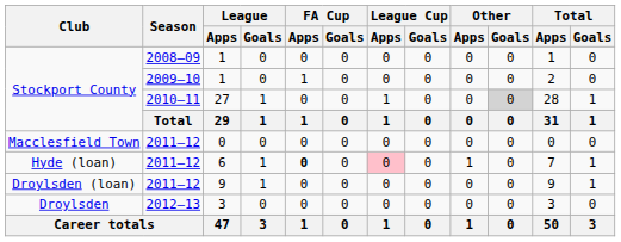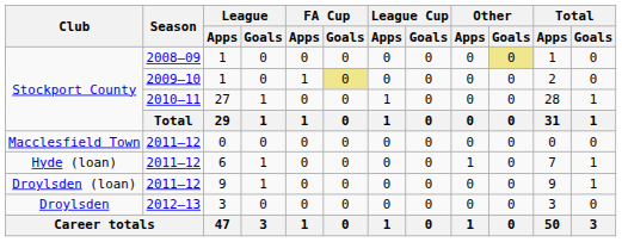 <table class="wikitable" style="text-align: center;">
 <tr>
 <th rowspan="2">Club</th>
 <th rowspan="2">Season</th>
 <th colspan="2">League</th>
 <th colspan="2">FA Cup</th>
 <th colspan="2">League Cup</th>
 <th colspan="2">Other</th>
 <th colspan="2">Total</th>
 </tr>
 <tr>
 <th>Apps</th>
 <th>Goals</th>
 <th>Apps</th>
 <th>Goals</th>
 <th>Apps</th>
 <th>Goals</th>
 <th>Apps</th>
 <th>Goals</th>
 <th>Apps</th>
 <th>Goals</th>
 </tr>
 <tr>
 <td rowspan="4" valign="center"><a href='#'>Stockport County</a></td>
 <td><a href='#'>2008–09</a></td>
 <td>1</td>
 <td>0</td>
 <td>0</td>
 <td>0</td>
 <td>0</td>
 <td>0</td>
 <td>0</td>
-<td>0</td>
+<td style="background: khaki;">0</td>
 <td>1</td>
 <td>0</td>
 </tr>
 <tr>
 <td><a href='#'>2009–10</a></td>
 <td>1</td>
 <td>0</td>
 <td>1</td>
-<td>0</td>
+<td style="background: khaki;">0</td>
 <td>0</td>
 <td>0</td>
 <td>0</td>
 <td>0</td>
 <td>2</td>
 <td>0</td>
 </tr>
 <tr>
 <td><a href='#'>2010–11</a></td>
 <td>27</td>
 <td>1</td>
 <td>0</td>
 <td>0</td>
 <td>1</td>
 <td>0</td>
 <td>0</td>
-<td style="background: lightgrey;">0</td>
+<td>0</td>
 <td>28</td>
 <td>1</td>
 </tr>
 <tr>
 <th>Total</th>
 <th>29</th>
 <th>1</th>
 <th>1</th>
 <th>0</th>
 <th>1</th>
 <th>0</th>
 <th>0</th>
 <th>0</th>
 <th>31</th>
 <th>1</th>
 </tr>
 <tr>
 <td><a href='#'>Macclesfield Town</a></td>
 <td><a href='#'>2011–12</a></td>
 <td>0</td>
 <td>0</td>
 <td>0</td>
 <td>0</td>
 <td>0</td>
 <td>0</td>
 <td>0</td>
 <td>0</td>
 <td>0</td>
 <td>0</td>
 </tr>
 <tr>
 <td><a href='#'>Hyde</a> (loan)</td>
 <td><a href='#'>2011–12</a></td>
 <td>6</td>
 <td>1</td>
-<td><strong>0</strong></td>
 <td>0</td>
-<td style="background: pink;">0</td>
+<td>0</td>
+<td>0</td>
 <td>0</td>
 <td>1</td>
 <td>0</td>
 <td>7</td>
 <td>1</td>
 </tr>
 <tr>
 <td><a href='#'>Droylsden</a> (loan)</td>
 <td><a href='#'>2011–12</a></td>
 <td>9</td>
 <td>1</td>
 <td>0</td>
 <td>0</td>
 <td>0</td>
 <td>0</td>
 <td>0</td>
 <td>0</td>
 <td>9</td>
 <td>1</td>
 </tr>
 <tr>
 <td><a href='#'>Droylsden</a></td>
 <td><a href='#'>2012–13</a></td>
 <td>3</td>
 <td>0</td>
 <td>0</td>
 <td>0</td>
 <td>0</td>
 <td>0</td>
 <td>0</td>
 <td>0</td>
 <td>3</td>
 <td>0</td>
 </tr>
 <tr>
 <th colspan="2">Career totals</th>
 <th>47</th>
 <th>3</th>
 <th>1</th>
 <th>0</th>
 <th>1</th>
 <th>0</th>
 <th>1</th>
 <th>0</th>
 <th>50</th>
 <th>3</th>
 </tr>
 </table>
